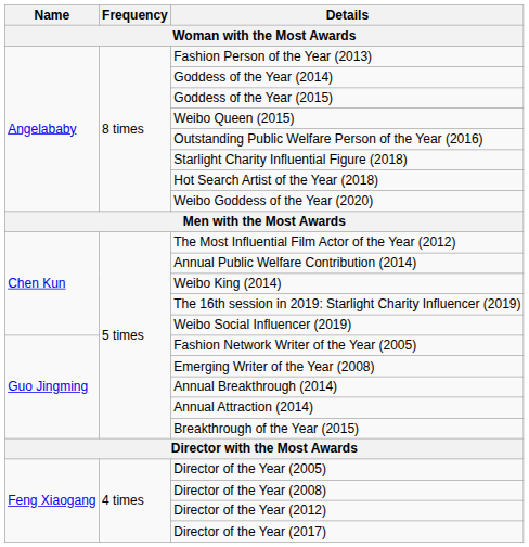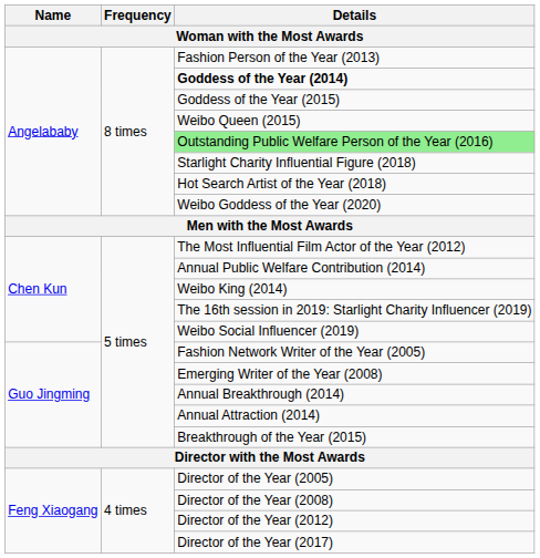 <table class="wikitable">
 <tr>
 <th>Name</th>
 <th>Frequency</th>
 <th>Details</th>
 </tr>
 <tr>
 <th colspan="3">Woman with the Most Awards</th>
 </tr>
 <tr>
 <td rowspan="8"><a href='#'>Angelababy</a></td>
 <td rowspan="8">8 times</td>
 <td>Fashion Person of the Year (2013)</td>
 </tr>
 <tr>
-<td>Goddess of the Year (2014)</td>
+<td><strong>Goddess of the Year (2014)</strong></td>
 </tr>
 <tr>
 <td>Goddess of the Year (2015)</td>
 </tr>
 <tr>
 <td>Weibo Queen (2015)</td>
 </tr>
 <tr>
-<td>Outstanding Public Welfare Person of the Year (2016)</td>
+<td style="background: lightgreen;">Outstanding Public Welfare Person of the Year (2016)</td>
 </tr>
 <tr>
 <td>Starlight Charity Influential Figure (2018)</td>
 </tr>
 <tr>
 <td>Hot Search Artist of the Year (2018)</td>
 </tr>
 <tr>
 <td>Weibo Goddess of the Year (2020)</td>
 </tr>
 <tr>
 <th colspan="3">Men with the Most Awards</th>
 </tr>
 <tr>
 <td rowspan="5"><a href='#'>Chen Kun</a></td>
 <td rowspan="10">5 times</td>
 <td>The Most Influential Film Actor of the Year (2012)</td>
 </tr>
 <tr>
 <td>Annual Public Welfare Contribution (2014)</td>
 </tr>
 <tr>
 <td>Weibo King (2014)</td>
 </tr>
 <tr>
 <td>The 16th session in 2019: Starlight Charity Influencer (2019)</td>
 </tr>
 <tr>
 <td>Weibo Social Influencer (2019)</td>
 </tr>
 <tr>
 <td rowspan="5"><a href='#'>Guo Jingming</a></td>
 <td>Fashion Network Writer of the Year (2005)</td>
 </tr>
 <tr>
 <td>Emerging Writer of the Year (2008)</td>
 </tr>
 <tr>
 <td>Annual Breakthrough (2014)</td>
 </tr>
 <tr>
 <td>Annual Attraction (2014)</td>
 </tr>
 <tr>
 <td>Breakthrough of the Year (2015)</td>
 </tr>
 <tr>
 <th colspan="3">Director with the Most Awards</th>
 </tr>
 <tr>
 <td rowspan="4"><a href='#'>Feng Xiaogang</a></td>
 <td rowspan="4">4 times</td>
 <td>Director of the Year (2005)</td>
 </tr>
 <tr>
 <td>Director of the Year (2008)</td>
 </tr>
 <tr>
 <td>Director of the Year (2012)</td>
 </tr>
 <tr>
 <td>Director of the Year (2017)</td>
 </tr>
 </table>
